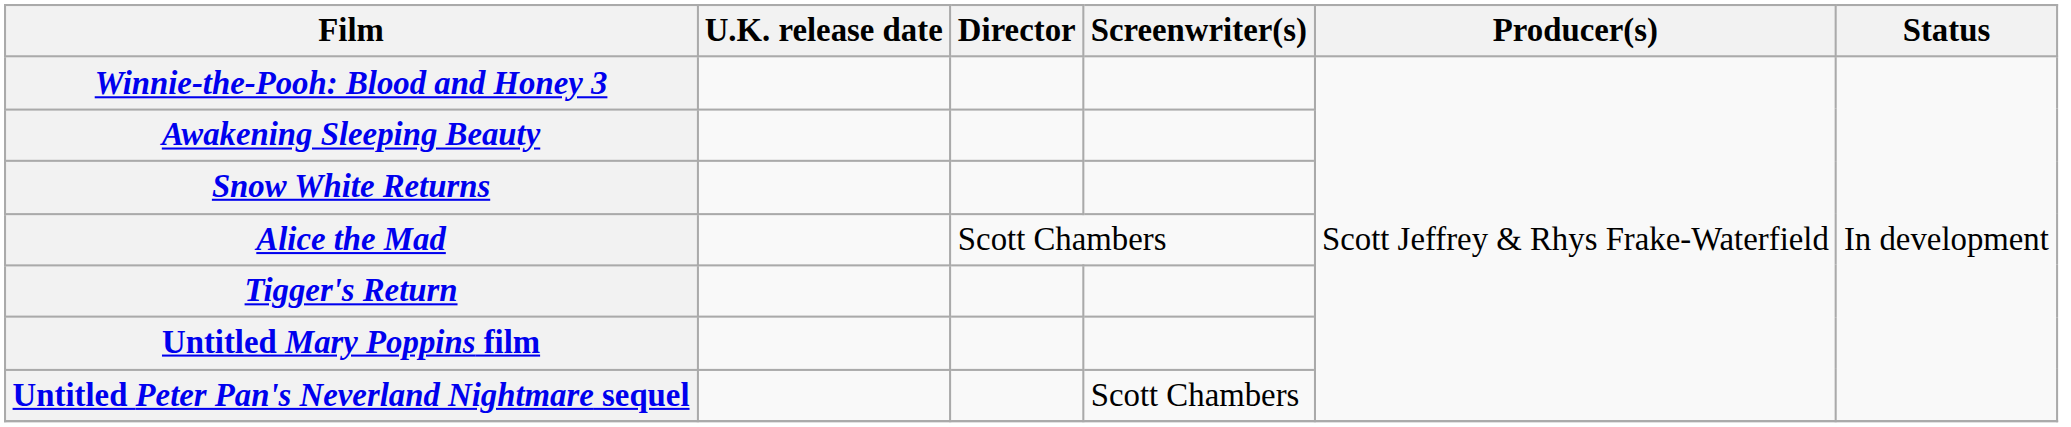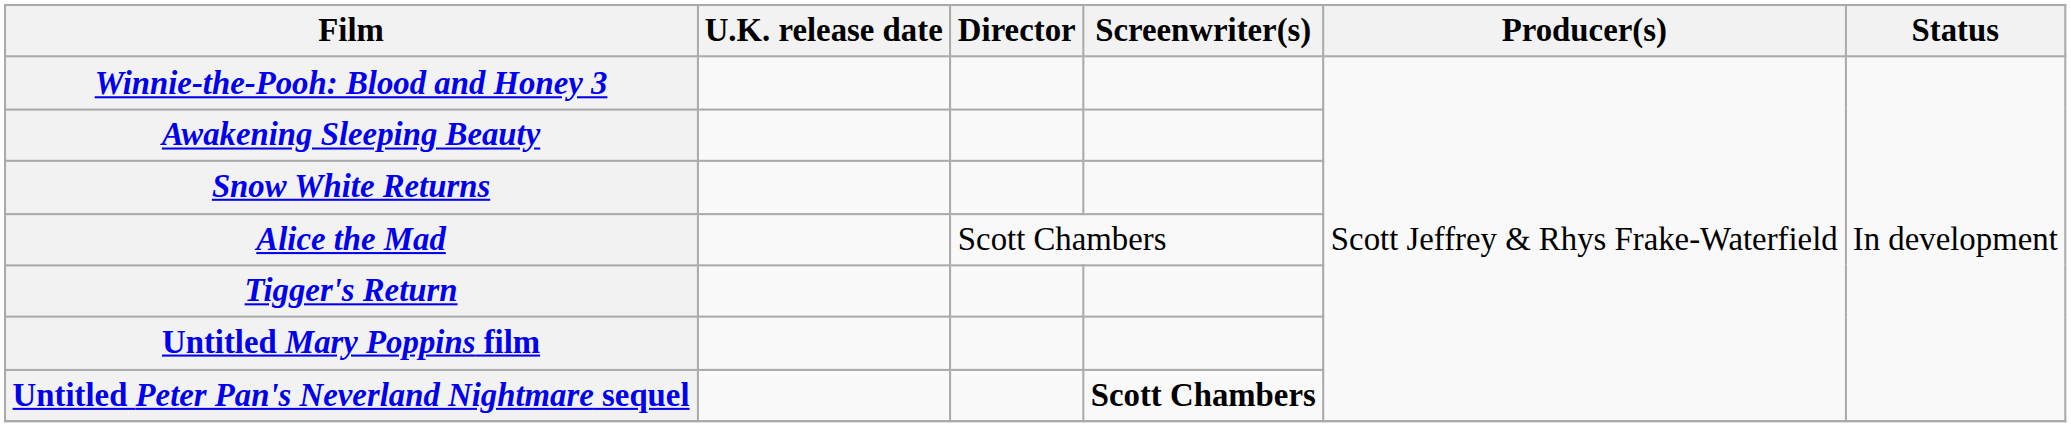 <table class="wikitable plainrowheaders defaultcenter col2left">
 <tr>
 <th scope="col">Film</th>
 <th scope="col">U.K. release date</th>
 <th scope="col">Director</th>
 <th scope="col">Screenwriter(s)</th>
 <th scope="col">Producer(s)</th>
 <th scope="col">Status</th>
 </tr>
 <tr>
 <th scope="row"><em><a href='#'>Winnie-the-Pooh: Blood and Honey 3</a></em></th>
 <td></td>
 <td></td>
 <td></td>
 <td rowspan="7">Scott Jeffrey & Rhys Frake-Waterfield</td>
 <td rowspan="7">In development</td>
 </tr>
 <tr>
 <th scope="row"><em><a href='#'>Awakening Sleeping Beauty</a></em></th>
 <td></td>
 <td></td>
 <td></td>
 </tr>
 <tr>
 <th scope="row"><em><a href='#'>Snow White Returns</a></em></th>
 <td></td>
 <td></td>
 <td></td>
 </tr>
 <tr>
 <th scope="row"><em><a href='#'>Alice the Mad</a></em></th>
 <td></td>
 <td colspan="2">Scott Chambers</td>
 </tr>
 <tr>
 <th scope="row"><em><a href='#'>Tigger's Return</a></em></th>
 <td></td>
 <td></td>
 <td></td>
 </tr>
 <tr>
 <th scope="row"><a href='#'>Untitled <em>Mary Poppins</em> film</a></th>
 <td></td>
 <td></td>
 <td></td>
 </tr>
 <tr>
 <th scope="row"><a href='#'>Untitled <em>Peter Pan's Neverland Nightmare</em> sequel</a></th>
 <td></td>
 <td></td>
-<td>Scott Chambers</td>
+<td><strong>Scott Chambers</strong></td>
 </tr>
 <tr>
 </tr>
 </table>
